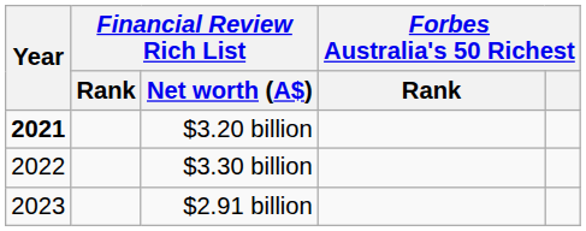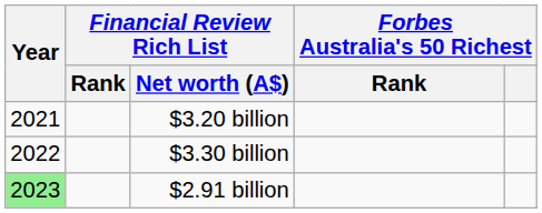 <table class="wikitable">
 <tr>
 <th rowspan=2>Year</th>
 <th colspan=2><em><a href='#'>Financial Review</a></em><br><a href='#'>Rich List</a></th>
 <th colspan=2><em><a href='#'>Forbes</a></em><br><a href='#'>Australia's 50 Richest</a></th>
 </tr>
 <tr>
 <th>Rank</th>
 <th><a href='#'>Net worth</a> (<a href='#'>A$</a>)</th>
 <th>Rank</th>
 <th></th>
 </tr>
 <tr>
-<td><strong>2021</strong></td>
+<td>2021</td>
 <td align="center"></td>
 <td align="right">$3.20 billion </td>
 <td align="center"></td>
 <td align="right"></td>
 </tr>
 <tr>
 <td>2022</td>
 <td align="center"></td>
 <td align="right">$3.30 billion </td>
 <td align="center"></td>
 <td align="right"></td>
 </tr>
 <tr>
-<td>2023</td>
+<td style="background: lightgreen;">2023</td>
 <td align="center"></td>
 <td align="right">$2.91 billion </td>
 <td align="center"></td>
 <td align="right"></td>
 </tr>
 </table>
